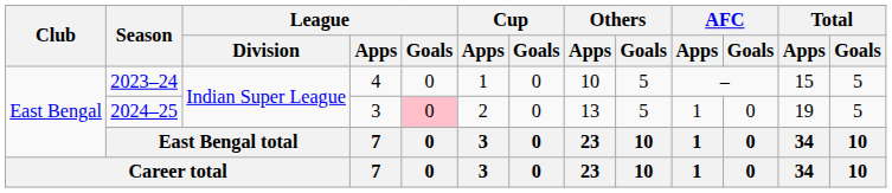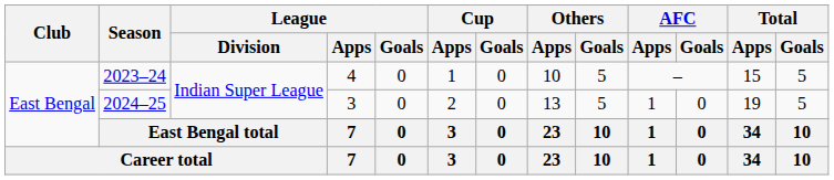 <table class="wikitable" style="text-align:center">
 <tr>
 <th rowspan="2">Club</th>
 <th rowspan="2">Season</th>
 <th colspan="3">League</th>
 <th colspan="2">Cup</th>
 <th colspan="2">Others</th>
 <th colspan="2"><a href='#'>AFC</a></th>
 <th colspan="2">Total</th>
 </tr>
 <tr>
 <th>Division</th>
 <th>Apps</th>
 <th>Goals</th>
 <th>Apps</th>
 <th>Goals</th>
 <th>Apps</th>
 <th>Goals</th>
 <th>Apps</th>
 <th>Goals</th>
 <th>Apps</th>
 <th>Goals</th>
 </tr>
 <tr>
 <td rowspan=3><a href='#'>East Bengal</a></td>
 <td><a href='#'>2023–24</a></td>
 <td rowspan=2><a href='#'>Indian Super League</a></td>
 <td>4</td>
 <td>0</td>
 <td>1</td>
 <td>0</td>
 <td>10</td>
 <td>5</td>
 <td colspan=2>–</td>
 <td>15</td>
 <td>5</td>
 </tr>
 <tr>
 <td><a href='#'>2024–25</a></td>
 <td>3</td>
-<td style="background: pink;">0</td>
+<td>0</td>
 <td>2</td>
 <td>0</td>
 <td>13</td>
 <td>5</td>
 <td>1</td>
 <td>0</td>
 <td>19</td>
 <td>5</td>
 </tr>
 <tr>
 <th colspan=2><strong>East Bengal total</strong></th>
 <th>7</th>
 <th>0</th>
 <th>3</th>
 <th>0</th>
 <th>23</th>
 <th>10</th>
 <th>1</th>
 <th>0</th>
 <th>34</th>
 <th>10</th>
 </tr>
 <tr>
 <th colspan=3><strong>Career total</strong></th>
 <th>7</th>
 <th>0</th>
 <th>3</th>
 <th>0</th>
 <th>23</th>
 <th>10</th>
 <th>1</th>
 <th>0</th>
 <th>34</th>
 <th>10</th>
 </tr>
 </table>
